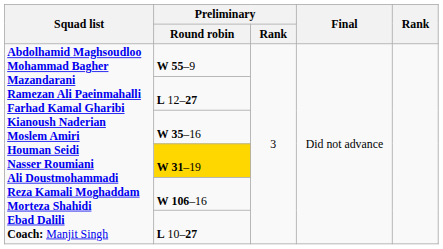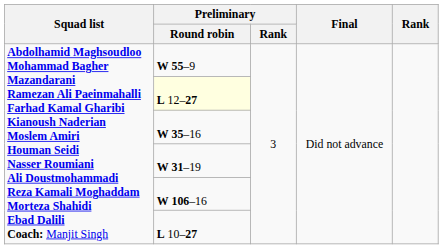 <table class="wikitable" width="60%" style="text-align:left; font-size:90%">
 <tr>
 <th rowspan="2" width="20%">Squad list</th>
 <th colspan="2">Preliminary</th>
 <th rowspan="2" width="14%">Final</th>
 <th rowspan="2" width="5%">Rank</th>
 </tr>
 <tr>
 <th width="14%">Round robin</th>
 <th width="5%">Rank</th>
 </tr>
 <tr>
 <td rowspan="6"><strong><a href='#'>Abdolhamid Maghsoudloo</a><br><a href='#'>Mohammad Bagher Mazandarani</a><br><a href='#'>Ramezan Ali Paeinmahalli</a><br><a href='#'>Farhad Kamal Gharibi</a><br><a href='#'>Kianoush Naderian</a><br><a href='#'>Moslem Amiri</a><br><a href='#'>Houman Seidi</a><br><a href='#'>Nasser Roumiani</a><br><a href='#'>Ali Doustmohammadi</a><br><a href='#'>Reza Kamali Moghaddam</a><br><a href='#'>Morteza Shahidi</a><br><a href='#'>Ebad Dalili</a><br>Coach:</strong>  <a href='#'>Manjit Singh</a></td>
 <td><br><strong>W</strong> <strong>55</strong>–9</td>
 <td rowspan="6" align=center>3</td>
 <td rowspan="6" align="center">Did not advance</td>
 <td rowspan="6" align="center"></td>
 </tr>
 <tr>
-<td><br><strong>L</strong> 12–<strong>27</strong></td>
+<td style="background: lightyellow;"><br><strong>L</strong> 12–<strong>27</strong></td>
 </tr>
 <tr>
 <td><br><strong>W</strong> <strong>35</strong>–16</td>
 </tr>
 <tr>
-<td style="background: gold;"><br><strong>W</strong> <strong>31</strong>–19</td>
+<td><br><strong>W</strong> <strong>31</strong>–19</td>
 </tr>
 <tr>
 <td><br><strong>W</strong> <strong>106</strong>–16</td>
 </tr>
 <tr>
 <td><br><strong>L</strong> 10–<strong>27</strong></td>
 </tr>
 </table>
